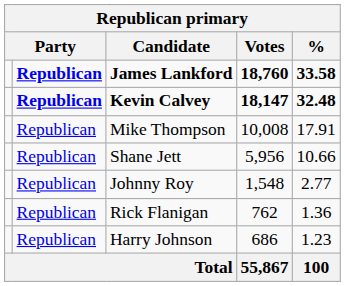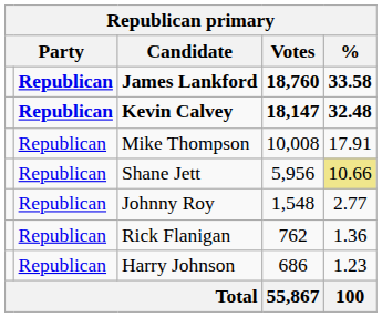 <table class=wikitable>
 <tr>
 <th colspan = 6>Republican primary</th>
 </tr>
 <tr>
 <th colspan=2>Party</th>
 <th>Candidate</th>
 <th>Votes</th>
 <th>%</th>
 </tr>
 <tr>
 <td></td>
 <td><strong><a href='#'>Republican</a></strong></td>
 <td><strong>James Lankford</strong></td>
 <td align=center><strong>18,760</strong></td>
 <td align=center><strong>33.58</strong></td>
 </tr>
 <tr>
 <td></td>
 <td><strong><a href='#'>Republican</a></strong></td>
 <td><strong>Kevin Calvey</strong></td>
 <td align=center><strong>18,147</strong></td>
 <td align=center><strong>32.48</strong></td>
 </tr>
 <tr>
 <td></td>
 <td><a href='#'>Republican</a></td>
 <td>Mike Thompson</td>
 <td align=center>10,008</td>
 <td align=center>17.91</td>
 </tr>
 <tr>
 <td></td>
 <td><a href='#'>Republican</a></td>
 <td>Shane Jett</td>
 <td align=center>5,956</td>
-<td align=center>10.66</td>
+<td align=center style="background: khaki;">10.66</td>
 </tr>
 <tr>
 <td></td>
 <td><a href='#'>Republican</a></td>
 <td>Johnny Roy</td>
 <td align=center>1,548</td>
 <td align=center>2.77</td>
 </tr>
 <tr>
 <td></td>
 <td><a href='#'>Republican</a></td>
 <td>Rick Flanigan</td>
 <td align=center>762</td>
 <td align=center>1.36</td>
 </tr>
 <tr>
 <td></td>
 <td><a href='#'>Republican</a></td>
 <td>Harry Johnson</td>
 <td align=center>686</td>
 <td align=center>1.23</td>
 </tr>
 <tr>
 <th colspan=3; style="text-align:right;">Total</th>
 <th align=center>55,867</th>
 <th align=center>100</th>
 </tr>
 </table>
